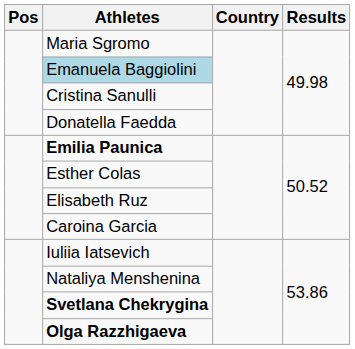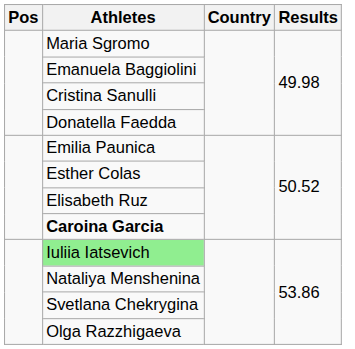 <table class="wikitable">
 <tr>
 <th>Pos</th>
 <th>Athletes</th>
 <th>Country</th>
 <th>Results</th>
 </tr>
 <tr>
 <td rowspan="4"></td>
 <td>Maria Sgromo</td>
 <td rowspan="4"></td>
 <td rowspan="4">49.98</td>
 </tr>
 <tr>
-<td style="background: lightblue;">Emanuela Baggiolini</td>
+<td>Emanuela Baggiolini</td>
 </tr>
 <tr>
 <td>Cristina Sanulli</td>
 </tr>
 <tr>
 <td>Donatella Faedda</td>
 </tr>
 <tr>
 <td rowspan="4"></td>
-<td><strong>Emilia Paunica</strong></td>
+<td>Emilia Paunica</td>
 <td rowspan="4"></td>
 <td rowspan="4">50.52</td>
 </tr>
 <tr>
 <td>Esther Colas</td>
 </tr>
 <tr>
 <td>Elisabeth Ruz</td>
 </tr>
 <tr>
-<td>Caroina Garcia</td>
+<td><strong>Caroina Garcia</strong></td>
 </tr>
 <tr>
 <td rowspan="4"></td>
-<td>Iuliia Iatsevich</td>
+<td style="background: lightgreen;">Iuliia Iatsevich</td>
 <td rowspan="4"></td>
 <td rowspan="4">53.86</td>
 </tr>
 <tr>
 <td>Nataliya Menshenina</td>
 </tr>
 <tr>
-<td><strong>Svetlana Chekrygina</strong></td>
+<td>Svetlana Chekrygina</td>
 </tr>
 <tr>
-<td><strong>Olga Razzhigaeva</strong></td>
+<td>Olga Razzhigaeva</td>
 </tr>
 </table>
